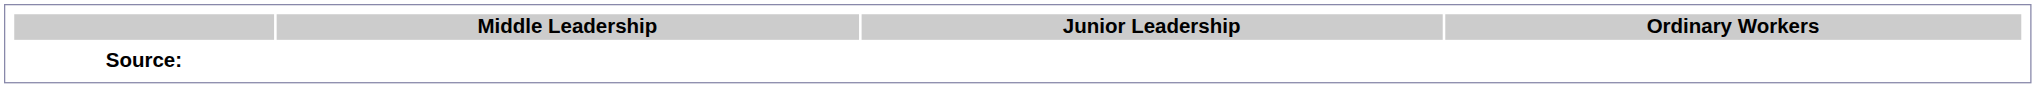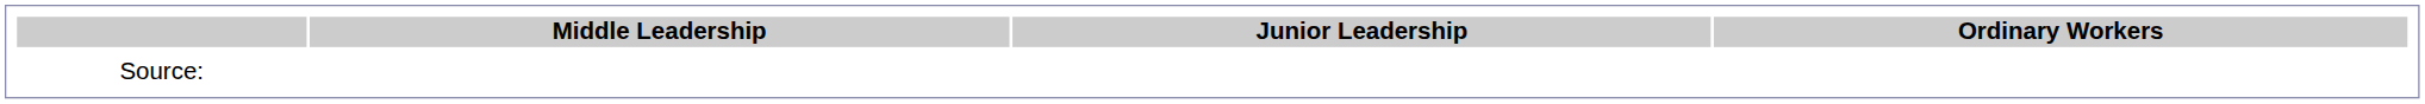 <table style="width:100%; border:1px solid #8888aa; background:#fff; padding:5px; font-size:100%; margin:0 12px 12px 0; text-align:center;">
 <tr style="background:#ccc;">
 <th></th>
 <th colspan="4">Middle Leadership</th>
 <th colspan="3">Junior Leadership</th>
 <th colspan="1">Ordinary Workers</th>
 </tr>
 <tr style="text-align:center;">
 <td></td>
 <td></td>
 <td></td>
 <td></td>
 <td></td>
 <td></td>
 <td></td>
 <td></td>
 <td></td>
 </tr>
 <tr>
-<td><strong>Source:</strong></td>
+<td>Source:</td>
 </tr>
 </table>
